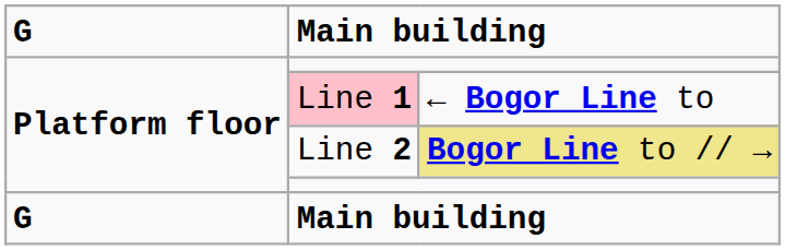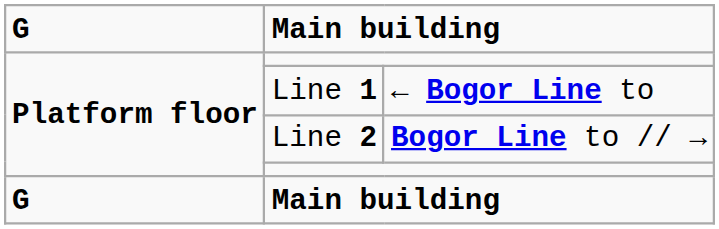 <table class="wikitable">
 <tr>
 <td><strong>G</strong></td>
 <td colspan="2"><strong>Main building</strong></td>
 </tr>
 <tr>
 <td rowspan="4"><strong>Platform floor</strong></td>
 <td colspan="2"></td>
 </tr>
 <tr>
-<td style="background: pink;">Line <strong>1</strong></td>
+<td>Line <strong>1</strong></td>
 <td>←   <strong><a href='#'>Bogor Line</a></strong> to </td>
 </tr>
 <tr>
 <td>Line <strong>2</strong></td>
-<td style="background: khaki;"> <strong><a href='#'>Bogor Line</a></strong> to //  →</td>
+<td> <strong><a href='#'>Bogor Line</a></strong> to //  →</td>
 </tr>
 <tr>
 <td colspan="2"></td>
 </tr>
 <tr>
 <td><strong>G</strong></td>
 <td colspan="2"><strong>Main building</strong></td>
 </tr>
 </table>
